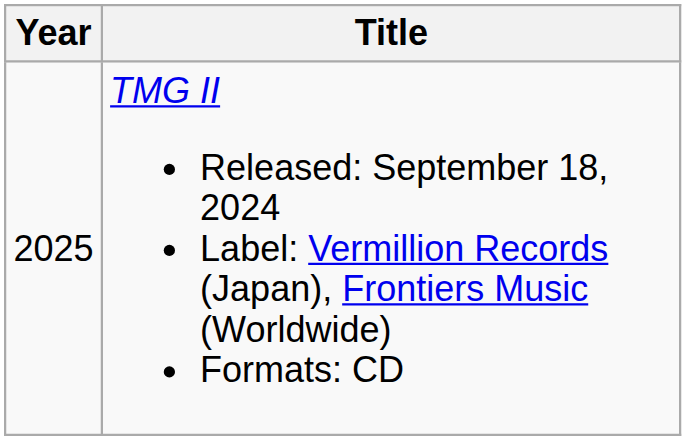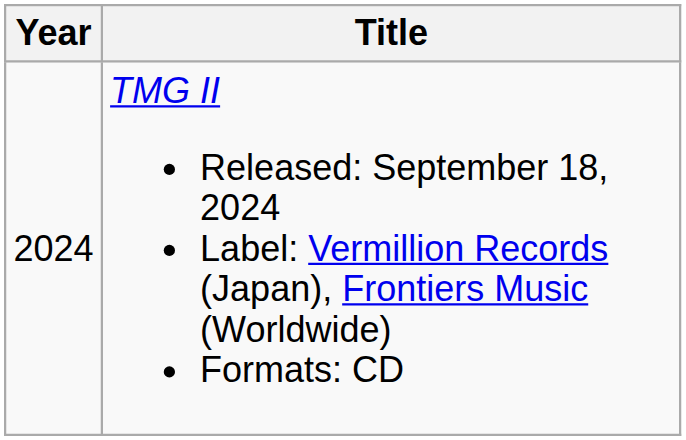 <table class="wikitable">
 <tr>
 <th>Year</th>
 <th width="250">Title</th>
 </tr>
 <tr>
-<td>2025</td>
+<td>2024</td>
 <td><em><a href='#'>TMG II</a></em><br><ul><li>Released: September 18, 2024</li><li>Label: <a href='#'>Vermillion Records</a> (Japan), <a href='#'>Frontiers Music</a> (Worldwide)</li><li>Formats: CD</li></ul></td>
 </tr>
 </table>
